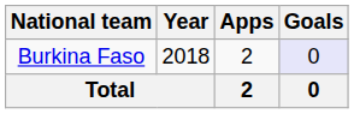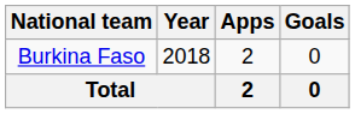 <table class="wikitable" style="text-align:center">
 <tr>
 <th>National team</th>
 <th>Year</th>
 <th>Apps</th>
 <th>Goals</th>
 </tr>
 <tr>
 <td><a href='#'>Burkina Faso</a></td>
 <td>2018</td>
 <td>2</td>
-<td style="background: lavender;">0</td>
+<td>0</td>
 </tr>
 <tr>
 <th colspan=2>Total</th>
 <th>2</th>
 <th>0</th>
 </tr>
 </table>
